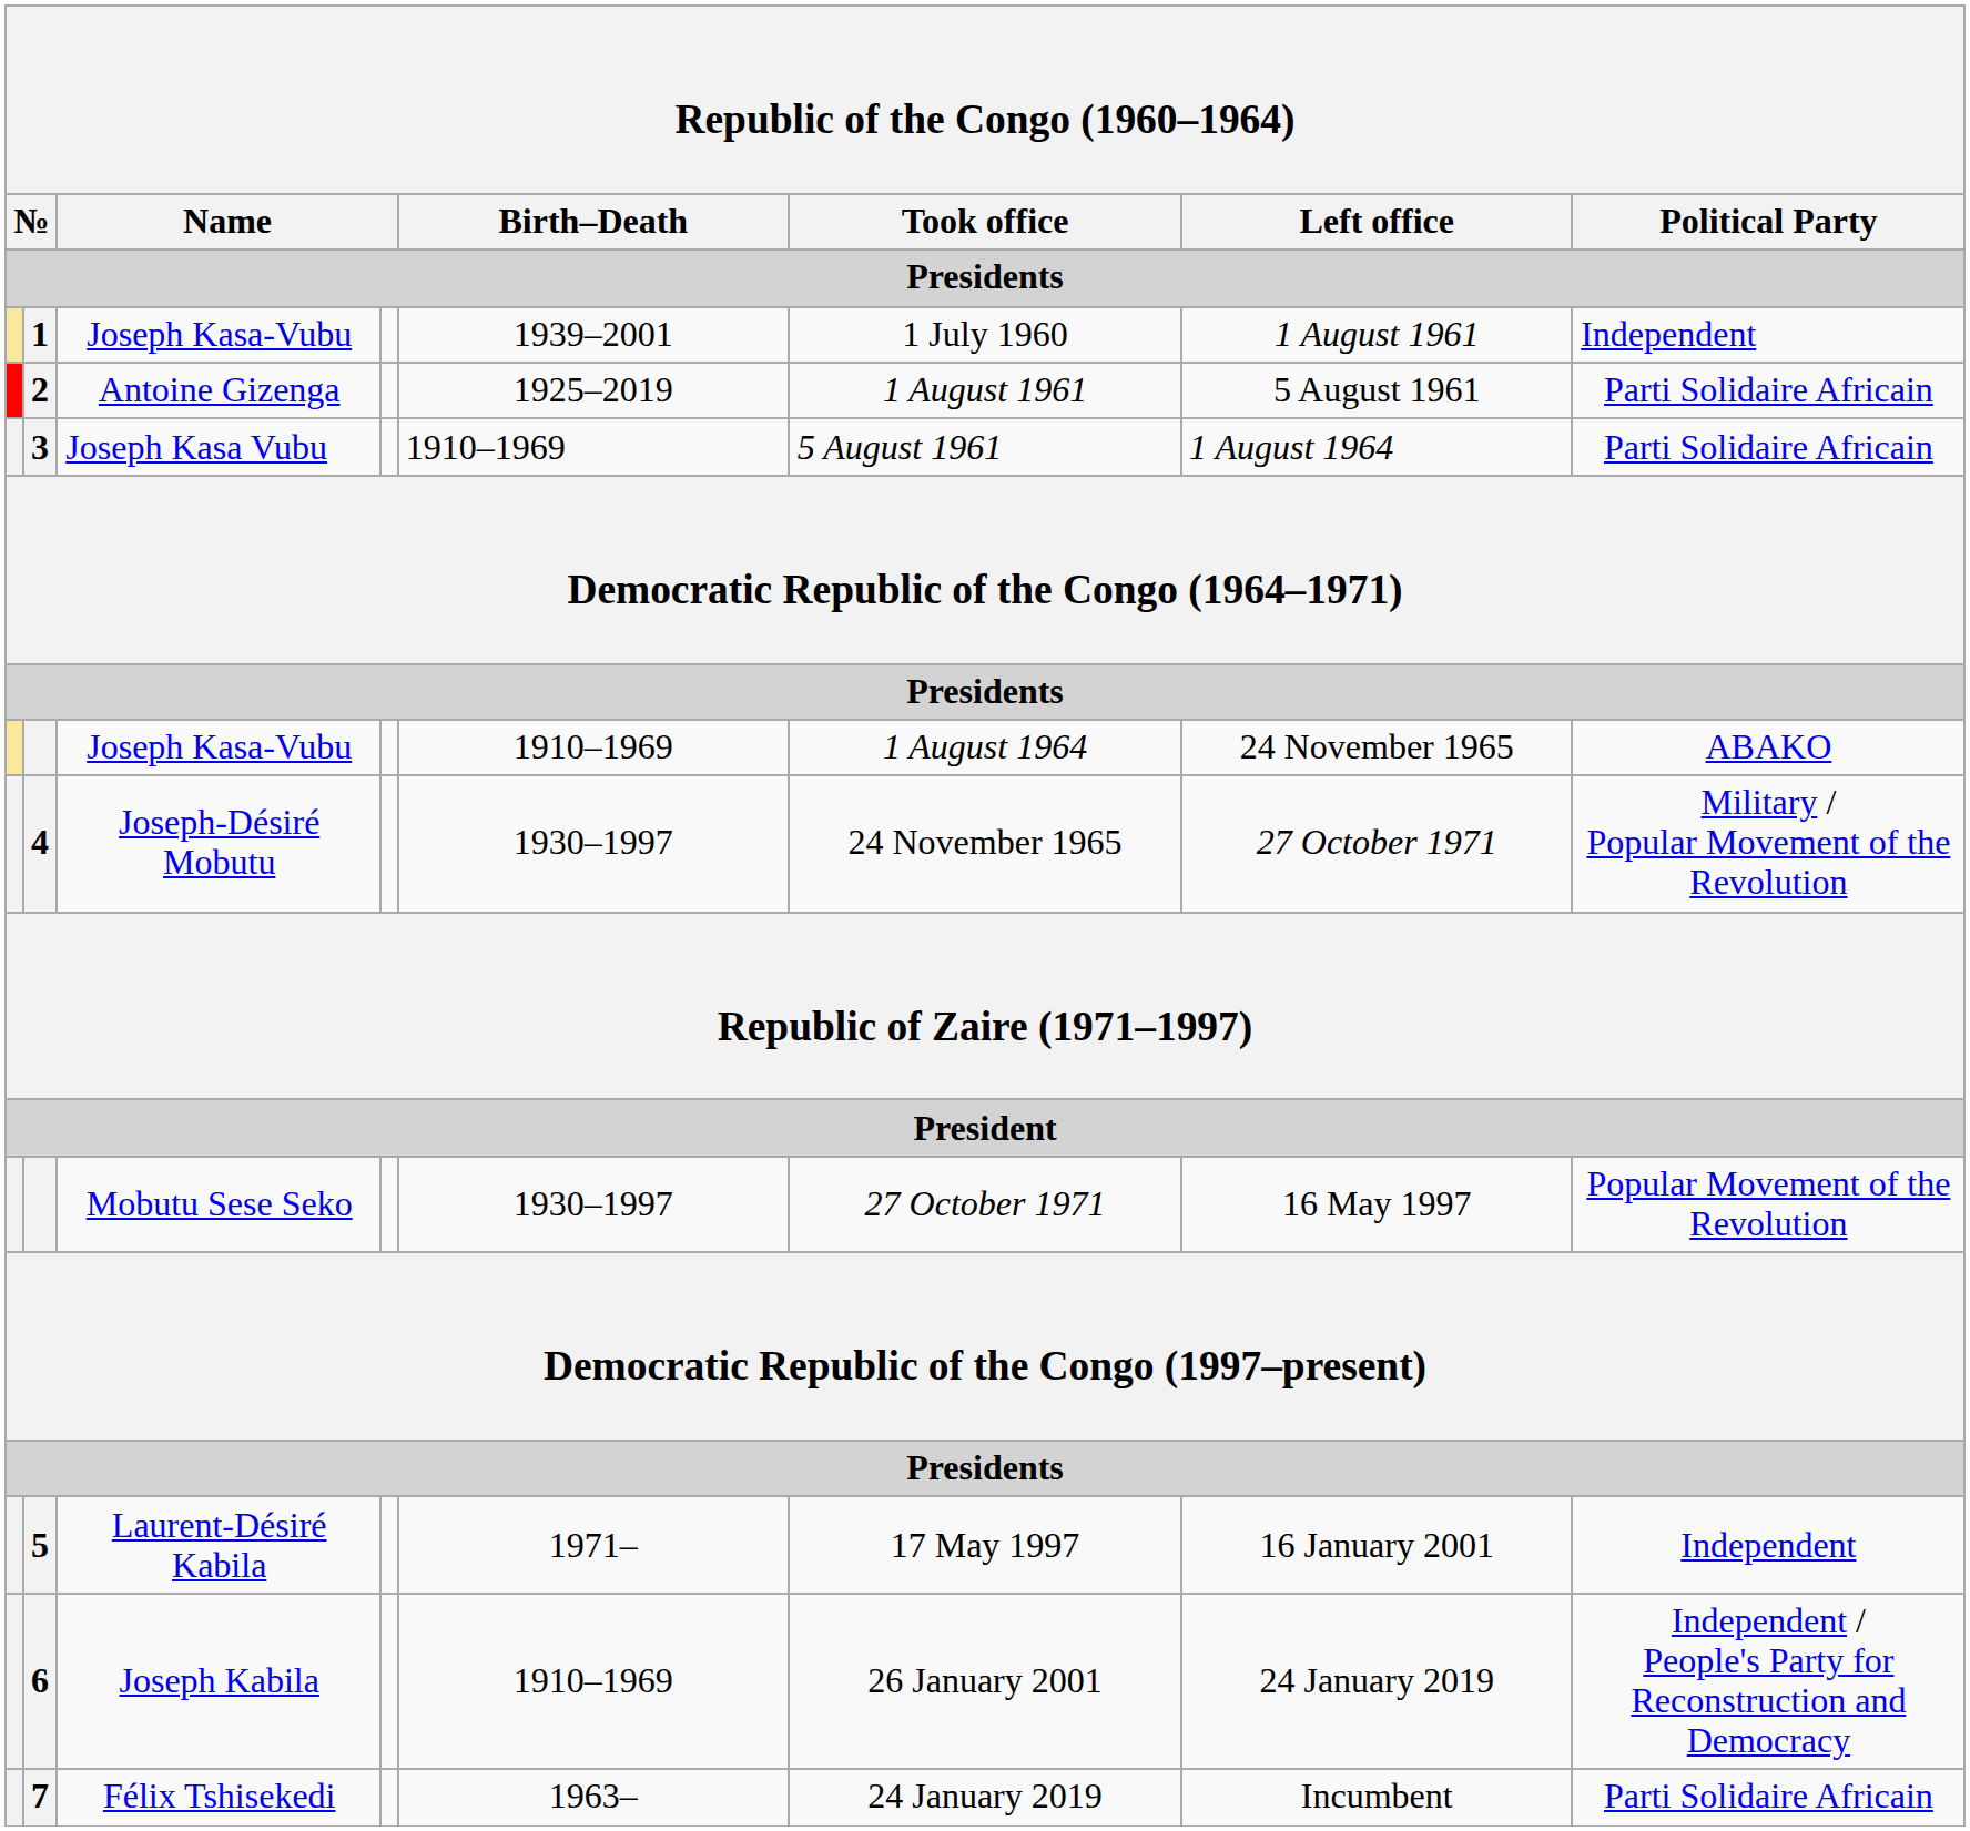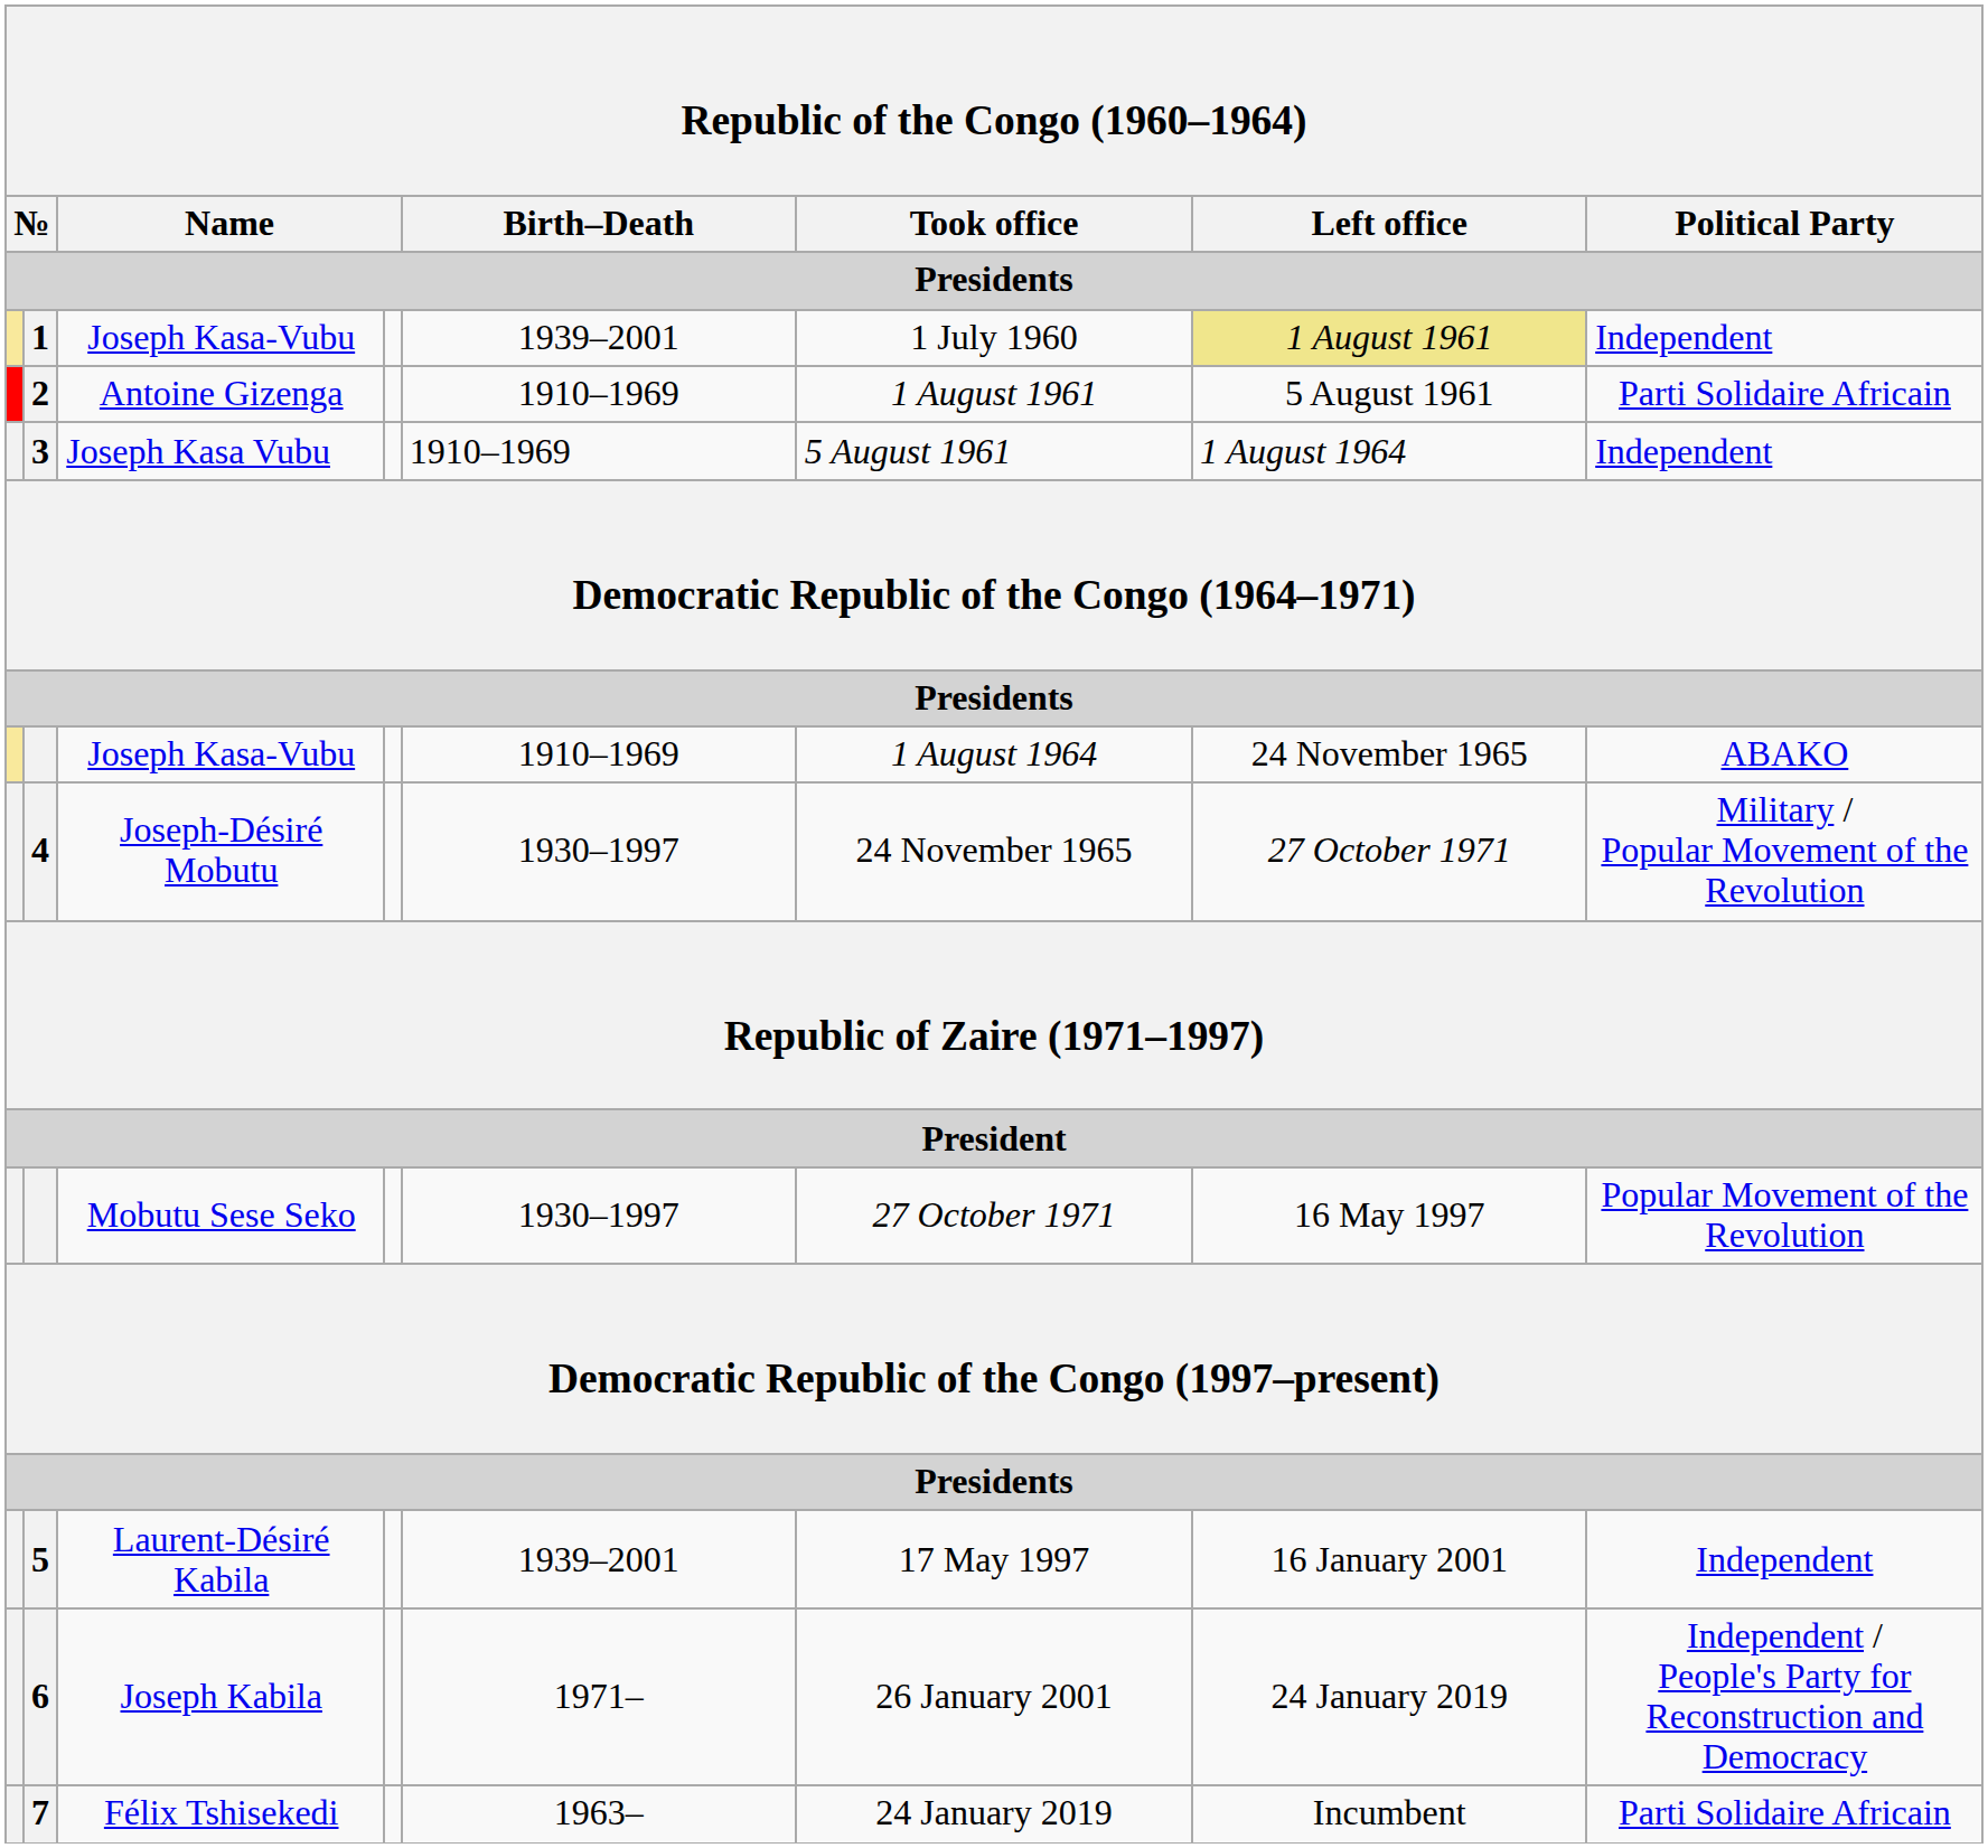 <table class="wikitable" width="100%">
 <tr>
 <th colspan=8><br><h3>Republic of the Congo (1960–1964)</h3></th>
 </tr>
 <tr>
 <th colspan="2" width="1%">№</th>
 <th colspan="2" width="50px">Name</th>
 <th width="20%">Birth–Death</th>
 <th width="20%">Took office</th>
 <th width="20%">Left office</th>
 <th width="20%">Political Party</th>
 </tr>
 <tr>
 <td colspan="8" bgcolor="lightgrey" align=center><strong>Presidents</strong></td>
 </tr>
 <tr>
 <th style="background:#F9E99C"></th>
 <th style="text-align:center;">1</th>
 <td align=center><a href='#'>Joseph Kasa-Vubu</a></td>
 <td align=center></td>
 <td align=center>1939–2001</td>
 <td align=center>1 July 1960</td>
-<td align=center><em>1 August 1961</em></td>
+<td align=center style="background: khaki;"><em>1 August 1961</em></td>
 <td><a href='#'>Independent</a></td>
 </tr>
 <tr>
 <th style="background:#FF0000"></th>
 <th style="text-align:center;">2</th>
 <td align=center><a href='#'>Antoine Gizenga</a></td>
 <td align=center></td>
-<td align=center>1925–2019</td>
+<td align=center>1910–1969</td>
 <td align=center><em>1 August 1961</em></td>
 <td align=center>5 August 1961</td>
 <td align=center><a href='#'>Parti Solidaire Africain</a><br><em></em></td>
 </tr>
 <tr>
 <th></th>
 <th>3</th>
 <td><a href='#'>Joseph        Kasa                 Vubu</a></td>
 <td></td>
 <td>1910–1969</td>
 <td><em>5 August 1961</em></td>
 <td><em>1 August 1964</em></td>
-<td align=center><a href='#'>Parti Solidaire Africain</a><br><em></em></td>
+<td><a href='#'>Independent</a></td>
 </tr>
 <tr>
 <th colspan=8><br><h3>Democratic Republic of the Congo (1964–1971)</h3></th>
 </tr>
 <tr>
 <td colspan="8" bgcolor="lightgrey" align=center><strong>Presidents</strong></td>
 </tr>
 <tr>
 <th style="background:#F9E99C"></th>
 <th style="text-align:center;"></th>
 <td align=center><a href='#'>Joseph Kasa-Vubu</a></td>
 <td align=center></td>
 <td align=center>1910–1969</td>
 <td align=center><em>1 August 1964</em></td>
 <td align=center>24 November 1965</td>
 <td align=center><a href='#'>ABAKO</a></td>
 </tr>
 <tr>
 <th></th>
 <th style="text-align:center;">4</th>
 <td align=center><a href='#'>Joseph-Désiré Mobutu</a></td>
 <td align=center></td>
 <td align=center>1930–1997</td>
 <td align=center>24 November 1965</td>
 <td align=center><em>27 October 1971</em></td>
 <td align=center><a href='#'>Military</a> / <br> <a href='#'>Popular Movement of the Revolution</a></td>
 </tr>
 <tr>
 <th colspan=8><br><h3>Republic of Zaire (1971–1997)</h3></th>
 </tr>
 <tr>
 <td colspan="8" bgcolor="lightgrey" align=center><strong>President</strong></td>
 </tr>
 <tr>
 <th></th>
 <th style="text-align:center;"></th>
 <td align=center><a href='#'>Mobutu Sese Seko</a></td>
 <td align=center></td>
 <td align=center>1930–1997</td>
 <td align=center><em>27 October 1971</em></td>
 <td align=center>16 May 1997</td>
 <td align=center><a href='#'>Popular Movement of the Revolution</a></td>
 </tr>
 <tr>
 <th colspan=8><br><h3>Democratic Republic of the Congo (1997–present)</h3></th>
 </tr>
 <tr>
 <td colspan="8" bgcolor="lightgrey" align=center><strong>Presidents</strong></td>
 </tr>
 <tr>
 <th></th>
 <th style="text-align:center;">5</th>
 <td align=center><a href='#'>Laurent-Désiré Kabila</a></td>
 <td align=center></td>
-<td align=center>1971–</td>
+<td align=center>1939–2001</td>
 <td align=center>17 May 1997</td>
 <td align=center>16 January 2001<br><em></em></td>
 <td align=center><a href='#'>Independent</a></td>
 </tr>
 <tr>
 <th></th>
 <th style="text-align:center;">6</th>
 <td align=center><a href='#'>Joseph Kabila</a></td>
 <td align=center></td>
-<td align=center>1910–1969</td>
+<td align=center>1971–</td>
 <td align=center>26 January 2001<br></td>
 <td align=center>24 January 2019</td>
 <td align=center><a href='#'>Independent</a> / <br> <a href='#'>People's Party for Reconstruction and Democracy</a></td>
 </tr>
 <tr>
 <th></th>
 <th style="text-align:center;">7</th>
 <td align=center><a href='#'>Félix Tshisekedi</a></td>
 <td align=center></td>
 <td align=center>1963–</td>
 <td align=center>24 January 2019</td>
 <td align=center>Incumbent</td>
 <td align=center><a href='#'>Parti Solidaire Africain</a><br><em></em></td>
 </tr>
 </table>
